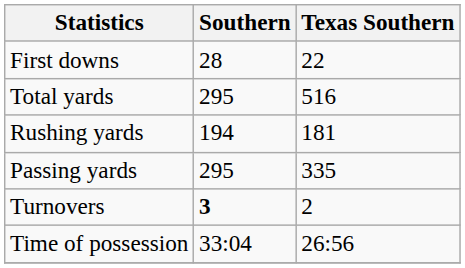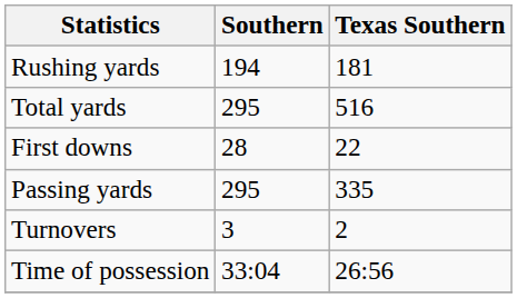 <table class="wikitable">
 <tr>
 <th>Statistics</th>
 <th>Southern</th>
 <th>Texas Southern</th>
 </tr>
 <tr>
-<td>First downs</td>
-<td>28</td>
-<td>22</td>
+<td>Rushing yards</td>
+<td>194</td>
+<td>181</td>
 </tr>
 <tr>
 <td>Total yards</td>
 <td>295</td>
 <td>516</td>
 </tr>
 <tr>
-<td>Rushing yards</td>
-<td>194</td>
-<td>181</td>
+<td>First downs</td>
+<td>28</td>
+<td>22</td>
 </tr>
 <tr>
 <td>Passing yards</td>
 <td>295</td>
 <td>335</td>
 </tr>
 <tr>
 <td>Turnovers</td>
-<td><strong>3</strong></td>
+<td>3</td>
 <td>2</td>
 </tr>
 <tr>
 <td>Time of possession</td>
 <td>33:04</td>
 <td>26:56</td>
 </tr>
 <tr>
 </tr>
 </table>
